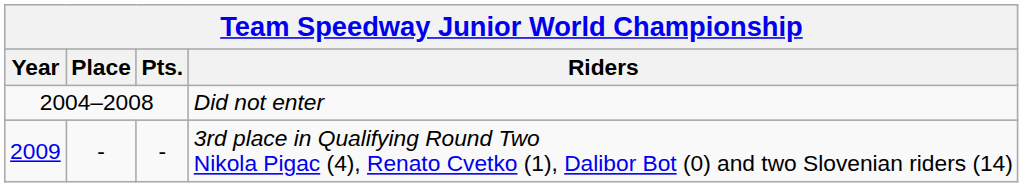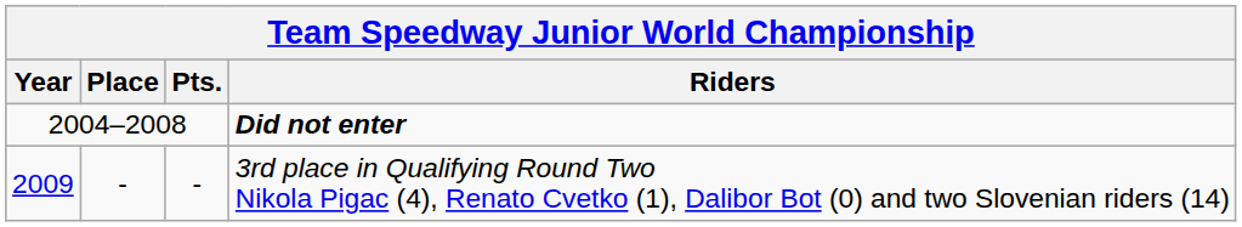 <table class=wikitable style="font-size: 90%;">
 <tr>
 <th colspan=4><big><a href='#'>Team Speedway Junior World Championship</a></big></th>
 </tr>
 <tr>
 <th>Year</th>
 <th>Place</th>
 <th>Pts.</th>
 <th>Riders</th>
 </tr>
 <tr align=center >
 <td colspan=3>2004–2008</td>
-<td align=left><em>Did not enter</em></td>
+<td align=left><strong><em>Did not enter</em></strong></td>
 </tr>
 <tr align=center >
 <td><a href='#'>2009</a></td>
 <td>-</td>
 <td>-</td>
 <td align=left><em>3rd place in Qualifying Round Two</em> <br><a href='#'>Nikola Pigac</a> (4), <a href='#'>Renato Cvetko</a> (1), <a href='#'>Dalibor Bot</a> (0) and two Slovenian riders (14)</td>
 </tr>
 </table>
